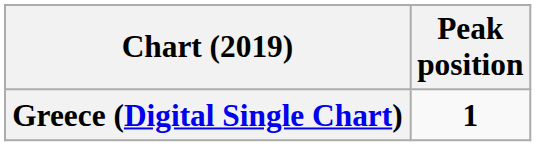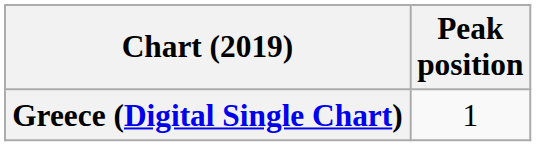 <table class="wikitable plainrowheaders" style="text-align:center">
 <tr>
 <th scope="col">Chart (2019)</th>
 <th scope="col">Peak<br>position</th>
 </tr>
 <tr>
 <th scope="row">Greece (<a href='#'>Digital Single Chart</a>)</th>
-<td><strong>1</strong></td>
+<td>1</td>
 </tr>
 </table>
